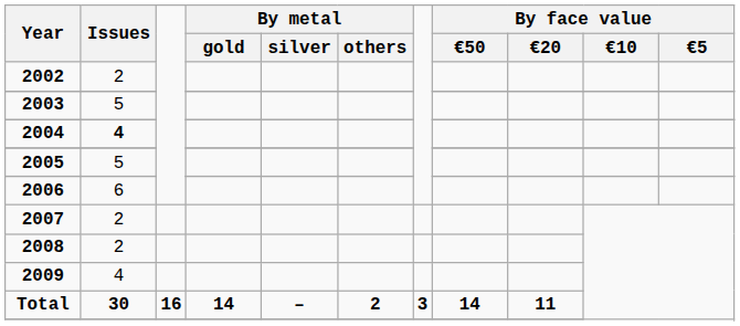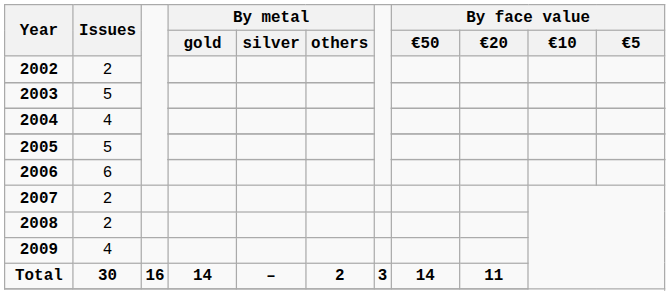 <table class="wikitable" style="text-align: center;">
 <tr>
 <th rowspan=2 width=50px>Year</th>
 <th rowspan=2 width=50px>Issues</th>
 <td rowspan=11> </td>
 <th colspan=3>By metal</th>
 <td rowspan=11> </td>
 <th colspan=5>By face value</th>
 </tr>
 <tr>
 <th width=50px>gold</th>
 <th width=50px>silver</th>
 <th width=50px>others</th>
 <th width=50px>€50</th>
 <th width=50px>€20</th>
 <th width=50px>€10</th>
 <th width=50px>€5</th>
 </tr>
 <tr>
 <td style="text-align: center;"><strong>2002</strong></td>
 <td>2</td>
 <td></td>
 <td></td>
 <td></td>
 <td></td>
 <td></td>
 <td></td>
 <td></td>
 </tr>
 <tr>
 </tr>
 <tr>
 <td style="text-align: center;"><strong>2003</strong></td>
 <td>5</td>
 <td></td>
 <td></td>
 <td></td>
 <td></td>
 <td></td>
 <td></td>
 <td></td>
 </tr>
 <tr>
 </tr>
 <tr>
 <td style="text-align: center;"><strong>2004</strong></td>
-<td><strong>4</strong></td>
+<td>4</td>
 <td></td>
 <td></td>
 <td></td>
 <td></td>
 <td></td>
 <td></td>
 <td></td>
 </tr>
 <tr>
 </tr>
 <tr>
 <td style="text-align: center;"><strong>2005</strong></td>
 <td>5</td>
 <td></td>
 <td></td>
 <td></td>
 <td></td>
 <td></td>
 <td></td>
 <td></td>
 </tr>
 <tr>
 </tr>
 <tr>
 <td style="text-align: center;"><strong>2006</strong></td>
 <td>6</td>
 <td></td>
 <td></td>
 <td></td>
 <td></td>
 <td></td>
 <td></td>
 <td></td>
 </tr>
 <tr>
 <td style="text-align: center;"><strong>2007</strong></td>
 <td>2</td>
 <td></td>
 <td></td>
 <td></td>
 <td></td>
 <td></td>
 <td></td>
 <td></td>
 </tr>
 <tr>
 <td style="text-align: center;"><strong>2008</strong></td>
 <td>2</td>
 <td></td>
 <td></td>
 <td></td>
 <td></td>
 <td></td>
 <td></td>
 <td></td>
 </tr>
 <tr>
 <td style="text-align: center;"><strong>2009</strong></td>
 <td>4</td>
 <td></td>
 <td></td>
 <td></td>
 <td></td>
 <td></td>
 <td></td>
 <td></td>
 </tr>
 <tr>
 <td style="text-align: center;"><strong>Total</strong></td>
 <td><strong>30</strong></td>
 <td><strong>16</strong></td>
 <td><strong>14</strong></td>
 <td><strong>–</strong></td>
 <td><strong>2</strong></td>
 <td><strong>3</strong></td>
 <td><strong>14</strong></td>
 <td><strong>11</strong></td>
 </tr>
 <tr>
 </tr>
 </table>
